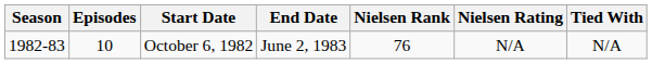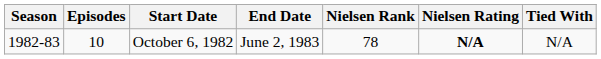 <table class="wikitable" style="text-align: center">
 <tr>
 <th>Season</th>
 <th>Episodes</th>
 <th>Start Date</th>
 <th>End Date</th>
 <th>Nielsen Rank</th>
 <th>Nielsen Rating</th>
 <th>Tied With</th>
 </tr>
 <tr>
 <td style="text-align:center">1982-83</td>
 <td style="text-align:center">10</td>
 <td style="text-align:center">October 6, 1982</td>
 <td style="text-align:center">June 2, 1983</td>
-<td style="text-align:center:">76</td>
-<td style="text-align:center">N/A</td>
+<td style="text-align:center:">78</td>
+<td style="text-align:center"><strong>N/A</strong></td>
 <td style="text-align:center">N/A</td>
 </tr>
 </table>
